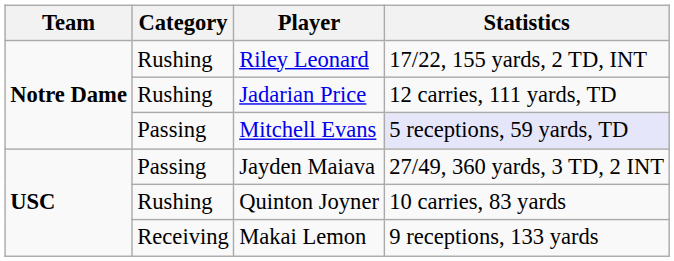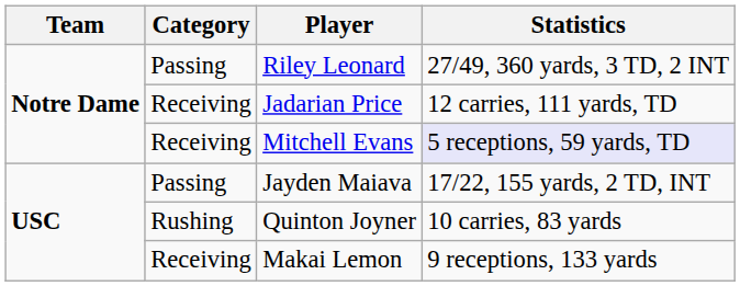 <table class="wikitable" style="float: right;">
 <tr>
 <th>Team</th>
 <th>Category</th>
 <th>Player</th>
 <th>Statistics</th>
 </tr>
 <tr>
 <td rowspan=3><strong>Notre Dame</strong></td>
-<td>Rushing</td>
+<td>Passing</td>
 <td><a href='#'>Riley Leonard</a></td>
-<td>17/22, 155 yards, 2 TD, INT</td>
+<td>27/49, 360 yards, 3 TD, 2 INT</td>
 </tr>
 <tr>
-<td>Rushing</td>
+<td>Receiving</td>
 <td><a href='#'>Jadarian Price</a></td>
 <td>12 carries, 111 yards, TD</td>
 </tr>
 <tr>
-<td>Passing</td>
+<td>Receiving</td>
 <td><a href='#'>Mitchell Evans</a></td>
 <td style="background: lavender;">5 receptions, 59 yards, TD</td>
 </tr>
 <tr>
 <td rowspan=3><strong>USC</strong></td>
 <td>Passing</td>
 <td>Jayden Maiava</td>
-<td>27/49, 360 yards, 3 TD, 2 INT</td>
+<td>17/22, 155 yards, 2 TD, INT</td>
 </tr>
 <tr>
 <td>Rushing</td>
 <td>Quinton Joyner</td>
 <td>10 carries, 83 yards</td>
 </tr>
 <tr>
 <td>Receiving</td>
 <td>Makai Lemon</td>
 <td>9 receptions, 133 yards</td>
 </tr>
 </table>
